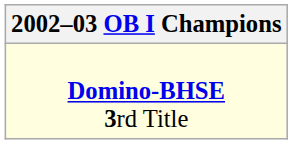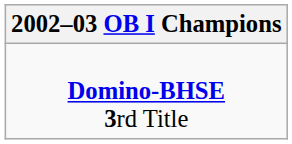 <table class=wikitable style="text-align:center; margin:auto">
 <tr>
 <th>2002–03 <a href='#'>OB I</a> Champions</th>
 </tr>
 <tr>
-<td style="background: lightyellow;"><br><strong><a href='#'>Domino-BHSE</a></strong><br><strong>3</strong>rd Title</td>
+<td><br><strong><a href='#'>Domino-BHSE</a></strong><br><strong>3</strong>rd Title</td>
 </tr>
 </table>
